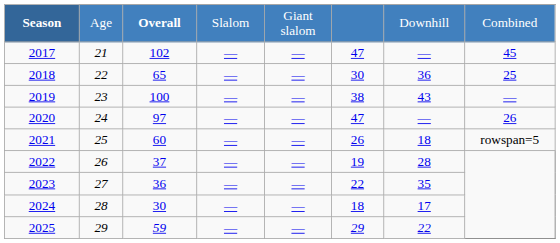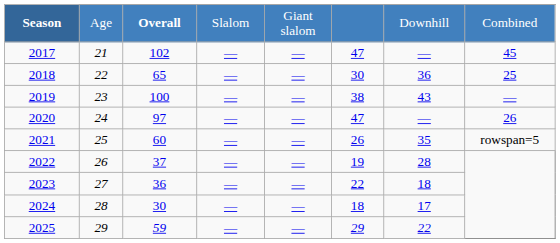 <table class="wikitable"  style="font-size:95%; text-align:center; border:gray solid 1px; width:40%;">
 <tr style="background:#369; color:white;">
 <td rowspan="2" style="width:6%;"><strong>Season</strong></td>
 </tr>
 <tr style="background:#4180be; color:white;">
 <td style="width:3%;">Age</td>
 <td style="width:5%;"><strong>Overall</strong></td>
 <td style="width:5%;">Slalom</td>
 <td style="width:5%;">Giant<br>slalom</td>
 <td style="width:5%;"></td>
 <td style="width:5%;">Downhill</td>
 <td style="width:5%;">Combined</td>
 </tr>
 <tr>
 <td><a href='#'>2017</a></td>
 <td><em>21</em></td>
 <td><a href='#'>102</a></td>
 <td><a href='#'>—</a></td>
 <td><a href='#'>—</a></td>
 <td><a href='#'>47</a></td>
 <td><a href='#'>—</a></td>
 <td><a href='#'>45</a></td>
 </tr>
 <tr>
 <td><a href='#'>2018</a></td>
 <td><em>22</em></td>
 <td><a href='#'>65</a></td>
 <td><a href='#'>—</a></td>
 <td><a href='#'>—</a></td>
 <td><a href='#'>30</a></td>
 <td><a href='#'>36</a></td>
 <td><a href='#'>25</a></td>
 </tr>
 <tr>
 <td><a href='#'>2019</a></td>
 <td><em>23</em></td>
 <td><a href='#'>100</a></td>
 <td><a href='#'>—</a></td>
 <td><a href='#'>—</a></td>
 <td><a href='#'>38</a></td>
 <td><a href='#'>43</a></td>
 <td><a href='#'>—</a></td>
 </tr>
 <tr>
 <td><a href='#'>2020</a></td>
 <td><em>24</em></td>
 <td><a href='#'>97</a></td>
 <td><a href='#'>—</a></td>
 <td><a href='#'>—</a></td>
 <td><a href='#'>47</a></td>
 <td><a href='#'>—</a></td>
 <td><a href='#'>26</a></td>
 </tr>
 <tr>
 <td><a href='#'>2021</a></td>
 <td><em>25</em></td>
 <td><a href='#'>60</a></td>
 <td><a href='#'>—</a></td>
 <td><a href='#'>—</a></td>
 <td><a href='#'>26</a></td>
-<td><a href='#'>18</a></td>
+<td><a href='#'>35</a></td>
 <td>rowspan=5 </td>
 </tr>
 <tr>
 <td><a href='#'>2022</a></td>
 <td><em>26</em></td>
 <td><a href='#'>37</a></td>
 <td><a href='#'>—</a></td>
 <td><a href='#'>—</a></td>
 <td><a href='#'>19</a></td>
 <td><a href='#'>28</a></td>
 </tr>
 <tr>
 <td><a href='#'>2023</a></td>
 <td><em>27</em></td>
 <td><a href='#'>36</a></td>
 <td><a href='#'>—</a></td>
 <td><a href='#'>—</a></td>
 <td><a href='#'>22</a></td>
-<td><a href='#'>35</a></td>
+<td><a href='#'>18</a></td>
 </tr>
 <tr>
 <td><a href='#'>2024</a></td>
 <td><em>28</em></td>
 <td><a href='#'>30</a></td>
 <td><a href='#'>—</a></td>
 <td><a href='#'>—</a></td>
 <td><a href='#'>18</a></td>
 <td><a href='#'>17</a></td>
 </tr>
 <tr>
 <td><a href='#'>2025</a></td>
 <td><em>29</em></td>
 <td><a href='#'><em>59</em></a></td>
 <td><a href='#'>—</a></td>
 <td><a href='#'>—</a></td>
 <td><a href='#'><em>29</em></a></td>
 <td><a href='#'><em>22</em></a></td>
 </tr>
 </table>
